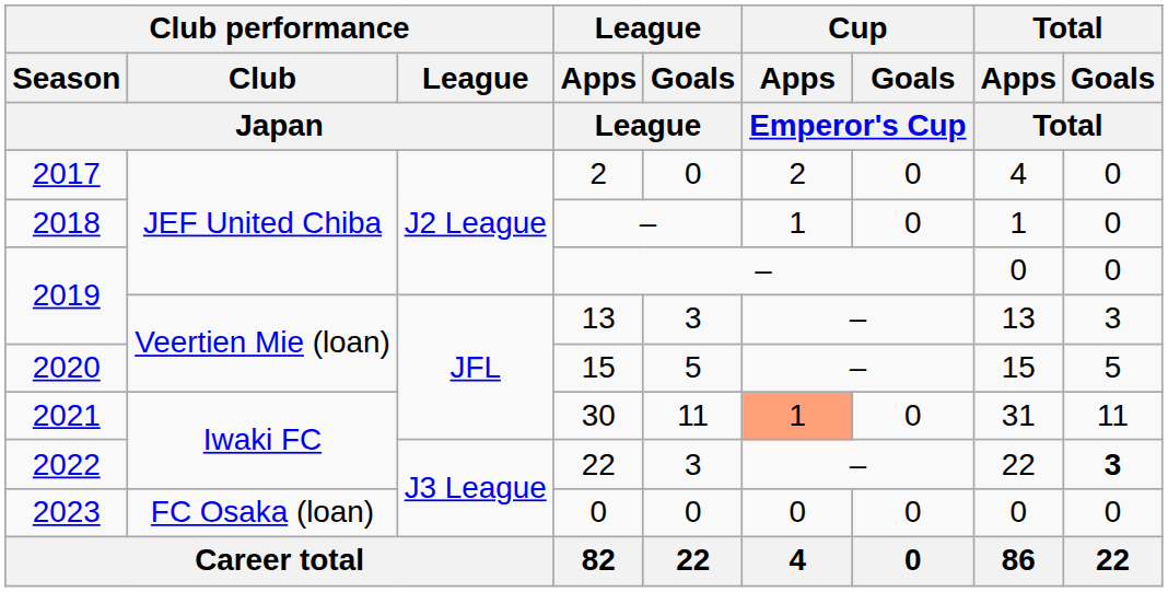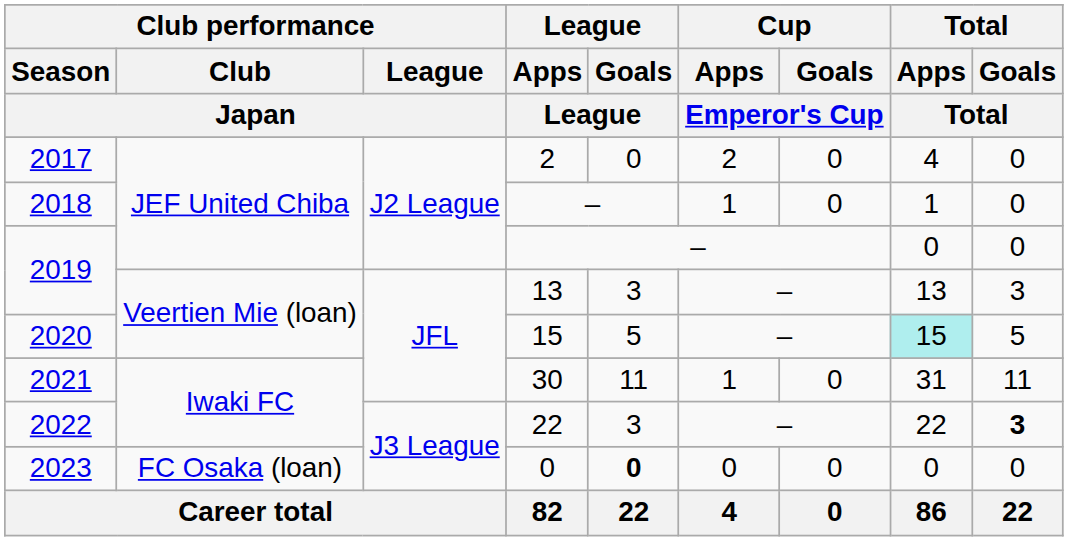 <table class="wikitable" style="text-align:center;">
 <tr>
 <th colspan=3>Club performance</th>
 <th colspan=2>League</th>
 <th colspan=2>Cup</th>
 <th colspan=2>Total</th>
 </tr>
 <tr>
 <th>Season</th>
 <th>Club</th>
 <th>League</th>
 <th>Apps</th>
 <th>Goals</th>
 <th>Apps</th>
 <th>Goals</th>
 <th>Apps</th>
 <th>Goals</th>
 </tr>
 <tr>
 <th colspan=3>Japan</th>
 <th colspan=2>League</th>
 <th colspan=2><a href='#'>Emperor's Cup</a></th>
 <th colspan=2>Total</th>
 </tr>
 <tr>
 <td><a href='#'>2017</a></td>
 <td rowspan="3"><a href='#'>JEF United Chiba</a></td>
 <td rowspan="3"><a href='#'>J2 League</a></td>
 <td>2</td>
 <td>0</td>
 <td>2</td>
 <td>0</td>
 <td>4</td>
 <td>0</td>
 </tr>
 <tr>
 <td><a href='#'>2018</a></td>
 <td colspan="2">–</td>
 <td>1</td>
 <td>0</td>
 <td>1</td>
 <td>0</td>
 </tr>
 <tr>
 <td rowspan="2"><a href='#'>2019</a></td>
 <td colspan="4">–</td>
 <td>0</td>
 <td>0</td>
 </tr>
 <tr>
 <td rowspan="2"><a href='#'>Veertien Mie</a> (loan)</td>
 <td rowspan="3"><a href='#'>JFL</a></td>
 <td>13</td>
 <td>3</td>
 <td colspan="2">–</td>
 <td>13</td>
 <td>3</td>
 </tr>
 <tr>
 <td><a href='#'>2020</a></td>
 <td>15</td>
 <td>5</td>
 <td colspan="2">–</td>
-<td>15</td>
+<td style="background: paleturquoise;">15</td>
 <td>5</td>
 </tr>
 <tr>
 <td><a href='#'>2021</a></td>
 <td rowspan="2"><a href='#'>Iwaki FC</a></td>
 <td>30</td>
 <td>11</td>
-<td style="background: lightsalmon;">1</td>
+<td>1</td>
 <td>0</td>
 <td>31</td>
 <td>11</td>
 </tr>
 <tr>
 <td><a href='#'>2022</a></td>
 <td rowspan=2><a href='#'>J3 League</a></td>
 <td>22</td>
 <td>3</td>
 <td colspan="2">–</td>
 <td>22</td>
 <td><strong>3</strong></td>
 </tr>
 <tr>
 <td><a href='#'>2023</a></td>
 <td><a href='#'>FC Osaka</a> (loan)</td>
 <td>0</td>
-<td>0</td>
+<td><strong>0</strong></td>
 <td>0</td>
 <td>0</td>
 <td>0</td>
 <td>0</td>
 </tr>
 <tr>
 <th colspan=3>Career total</th>
 <th>82</th>
 <th>22</th>
 <th>4</th>
 <th>0</th>
 <th>86</th>
 <th>22</th>
 </tr>
 </table>
